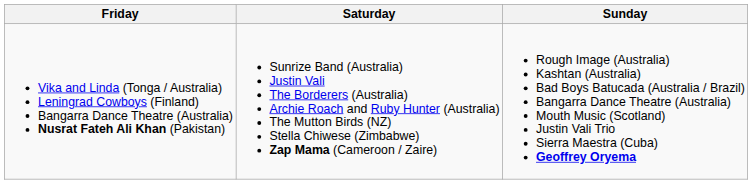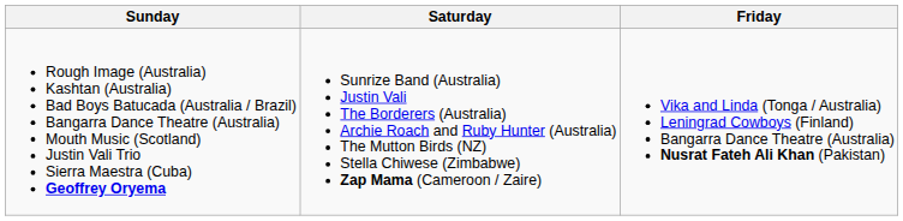 <table class="wikitable">
 <tr>
+<th>Sunday</th>
+<th>Saturday</th>
 <th>Friday</th>
-<th>Saturday</th>
-<th>Sunday</th>
 </tr>
 <tr>
+<td><br><ul><li>Rough Image (Australia)</li><li>Kashtan (Australia)</li><li>Bad Boys Batucada (Australia / Brazil)</li><li>Bangarra Dance Theatre (Australia)</li><li>Mouth Music (Scotland)</li><li>Justin Vali Trio</li><li>Sierra Maestra (Cuba)</li><li><strong><a href='#'>Geoffrey Oryema</a></strong></li></ul></td>
+<td><br><ul><li>Sunrize Band (Australia)</li><li><a href='#'>Justin Vali</a></li><li><a href='#'>The Borderers</a> (Australia)</li><li><a href='#'>Archie Roach</a> and <a href='#'>Ruby Hunter</a> (Australia)</li><li>The Mutton Birds (NZ)</li><li>Stella Chiwese (Zimbabwe)</li><li><strong>Zap Mama</strong> (Cameroon / Zaire)</li></ul></td>
 <td><br><ul><li><a href='#'>Vika and Linda</a> (Tonga / Australia)</li><li><a href='#'>Leningrad Cowboys</a> (Finland)</li><li>Bangarra Dance Theatre (Australia)</li><li><strong>Nusrat Fateh Ali Khan</strong> (Pakistan)</li></ul></td>
-<td><br><ul><li>Sunrize Band (Australia)</li><li><a href='#'>Justin Vali</a></li><li><a href='#'>The Borderers</a> (Australia)</li><li><a href='#'>Archie Roach</a> and <a href='#'>Ruby Hunter</a> (Australia)</li><li>The Mutton Birds (NZ)</li><li>Stella Chiwese (Zimbabwe)</li><li><strong>Zap Mama</strong> (Cameroon / Zaire)</li></ul></td>
-<td><br><ul><li>Rough Image (Australia)</li><li>Kashtan (Australia)</li><li>Bad Boys Batucada (Australia / Brazil)</li><li>Bangarra Dance Theatre (Australia)</li><li>Mouth Music (Scotland)</li><li>Justin Vali Trio</li><li>Sierra Maestra (Cuba)</li><li><strong><a href='#'>Geoffrey Oryema</a></strong></li></ul></td>
 </tr>
 </table>
